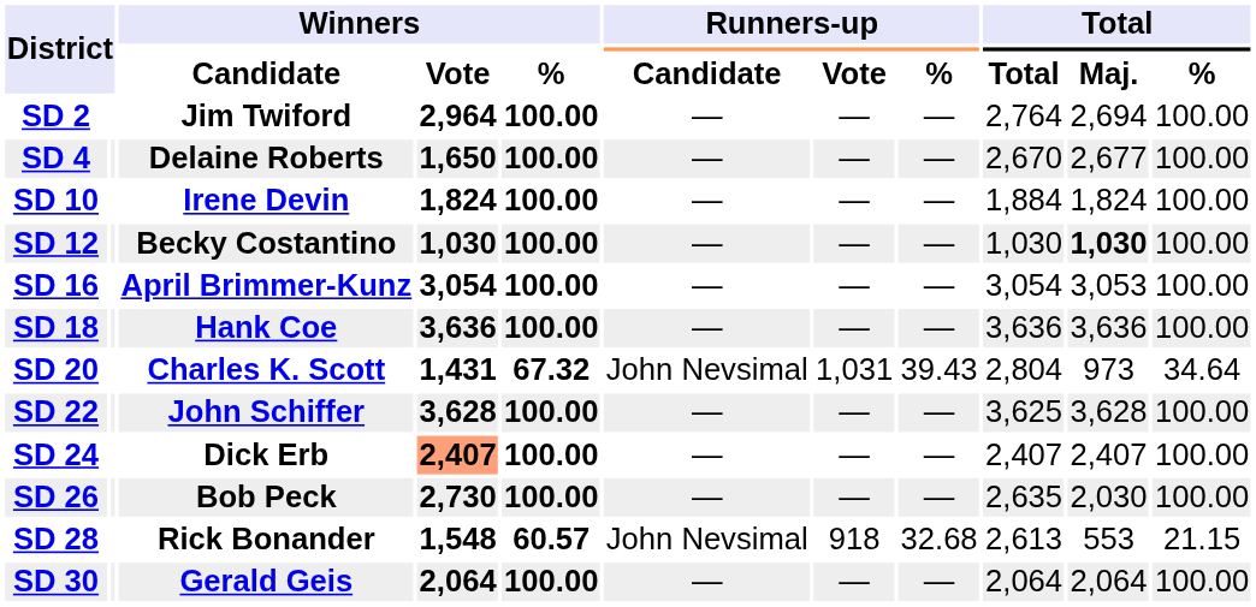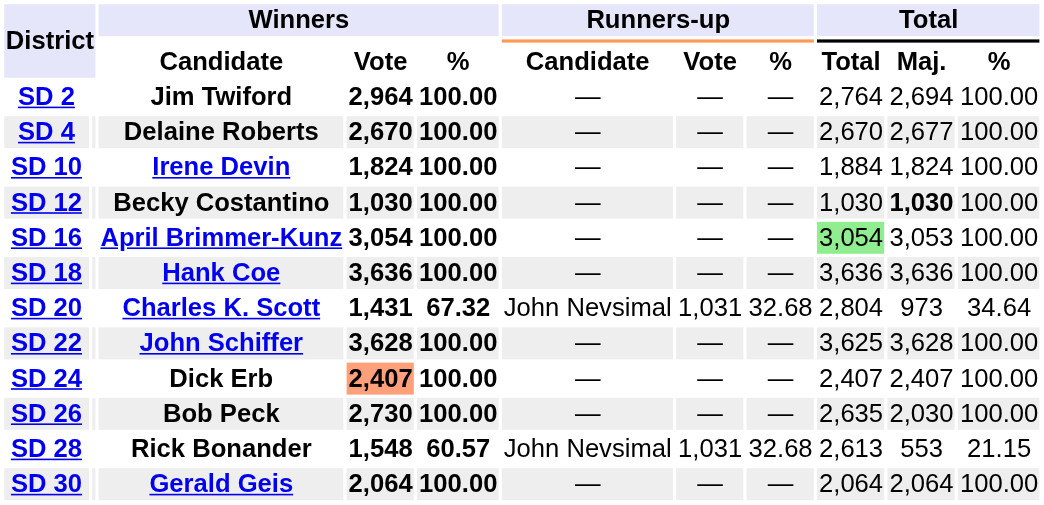 <table class="toccolours sortable" style="text-align:center;">
 <tr style="background:lavender">
 <th rowspan="3" colspan="2">District</th>
 <th colspan=3>Winners</th>
 <th colspan=3>Runners-up</th>
 <th colspan=3>Total</th>
 </tr>
 <tr>
 <th colspan=3 style="background-color:"></th>
 <th colspan=3 style="background-color:#FF9955"></th>
 <th colspan=3 style="background-color:#000000"></th>
 </tr>
 <tr>
 <th align="center">Candidate</th>
 <th align="center">Vote</th>
 <th align="center">%</th>
 <th align="center">Candidate</th>
 <th align="center">Vote</th>
 <th align="center">%</th>
 <th align="center">Total</th>
 <th align="center">Maj.</th>
 <th align="center">%</th>
 </tr>
 <tr>
 <th><a href='#'>SD 2</a></th>
 <td style="background-color:"></td>
 <td><strong>Jim Twiford </strong></td>
 <td><strong>2,964</strong></td>
 <td><strong>100.00</strong></td>
 <td>—</td>
 <td>—</td>
 <td>—</td>
 <td>2,764</td>
 <td>2,694</td>
 <td>100.00</td>
 </tr>
 <tr style="background:#EEEEEE;">
 <th><a href='#'>SD 4</a></th>
 <td style="background-color:"></td>
 <td><strong>Delaine Roberts</strong></td>
-<td><strong>1,650</strong></td>
+<td><strong>2,670</strong></td>
 <td><strong>100.00</strong></td>
 <td>—</td>
 <td>—</td>
 <td>—</td>
 <td>2,670</td>
 <td>2,677</td>
 <td>100.00</td>
 </tr>
 <tr>
 <th><a href='#'>SD 10</a></th>
 <td style="background-color:"></td>
 <td><strong><a href='#'>Irene Devin</a></strong></td>
 <td><strong>1,824</strong></td>
 <td><strong>100.00</strong></td>
 <td>—</td>
 <td>—</td>
 <td>—</td>
 <td>1,884</td>
 <td>1,824</td>
 <td>100.00</td>
 </tr>
 <tr style="background:#EEEEEE;">
 <th><a href='#'>SD 12</a></th>
 <td style="background-color:"></td>
 <td><strong>Becky Costantino</strong></td>
 <td><strong>1,030</strong></td>
 <td><strong>100.00</strong></td>
 <td>—</td>
 <td>—</td>
 <td>—</td>
 <td>1,030</td>
 <td><strong>1,030</strong></td>
 <td>100.00</td>
 </tr>
 <tr>
 <th><a href='#'>SD 16</a></th>
 <td style="background-color:"></td>
 <td><strong><a href='#'>April Brimmer-Kunz</a></strong></td>
 <td><strong>3,054</strong></td>
 <td><strong>100.00</strong></td>
 <td>—</td>
 <td>—</td>
 <td>—</td>
-<td>3,054</td>
+<td style="background: lightgreen;">3,054</td>
 <td>3,053</td>
 <td>100.00</td>
 </tr>
 <tr style="background:#EEEEEE;">
 <th><a href='#'>SD 18</a></th>
 <td style="background-color:"></td>
 <td><strong><a href='#'>Hank Coe</a></strong></td>
 <td><strong>3,636</strong></td>
 <td><strong>100.00</strong></td>
 <td>—</td>
 <td>—</td>
 <td>—</td>
 <td>3,636</td>
 <td>3,636</td>
 <td>100.00</td>
 </tr>
 <tr>
 <th><a href='#'>SD 20</a></th>
 <td style="background-color:"></td>
 <td><strong><a href='#'>Charles K. Scott</a></strong></td>
 <td><strong>1,431</strong></td>
 <td><strong>67.32</strong></td>
 <td>John Nevsimal</td>
 <td>1,031</td>
-<td>39.43</td>
+<td>32.68</td>
 <td>2,804</td>
 <td>973</td>
 <td>34.64</td>
 </tr>
 <tr style="background:#EEEEEE;">
 <th><a href='#'>SD 22</a></th>
 <td style="background-color:"></td>
 <td><strong><a href='#'>John Schiffer</a></strong></td>
 <td><strong>3,628</strong></td>
 <td><strong>100.00</strong></td>
 <td>—</td>
 <td>—</td>
 <td>—</td>
 <td>3,625</td>
 <td>3,628</td>
 <td>100.00</td>
 </tr>
 <tr>
 <th><a href='#'>SD 24</a></th>
 <td style="background-color:"></td>
 <td><strong>Dick Erb </strong></td>
 <td style="background: lightsalmon;"><strong>2,407</strong></td>
 <td><strong>100.00</strong></td>
 <td>—</td>
 <td>—</td>
 <td>—</td>
 <td>2,407</td>
 <td>2,407</td>
 <td>100.00</td>
 </tr>
 <tr style="background:#EEEEEE;">
 <th><a href='#'>SD 26</a></th>
 <td style="background-color:"></td>
 <td><strong>Bob Peck</strong></td>
 <td><strong>2,730</strong></td>
 <td><strong>100.00</strong></td>
 <td>—</td>
 <td>—</td>
 <td>—</td>
 <td>2,635</td>
 <td>2,030</td>
 <td>100.00</td>
 </tr>
 <tr>
 <th><a href='#'>SD 28</a></th>
 <td style="background-color:"></td>
 <td><strong>Rick Bonander</strong></td>
 <td><strong>1,548</strong></td>
 <td><strong>60.57</strong></td>
 <td>John Nevsimal</td>
-<td>918</td>
+<td>1,031</td>
 <td>32.68</td>
 <td>2,613</td>
 <td>553</td>
 <td>21.15</td>
 </tr>
 <tr style="background:#EEEEEE;">
 <th><a href='#'>SD 30</a></th>
 <td style="background-color:"></td>
 <td><strong><a href='#'>Gerald Geis</a></strong></td>
 <td><strong>2,064</strong></td>
 <td><strong>100.00</strong></td>
 <td>—</td>
 <td>—</td>
 <td>—</td>
 <td>2,064</td>
 <td>2,064</td>
 <td>100.00</td>
 </tr>
 <tr>
 </tr>
 </table>
